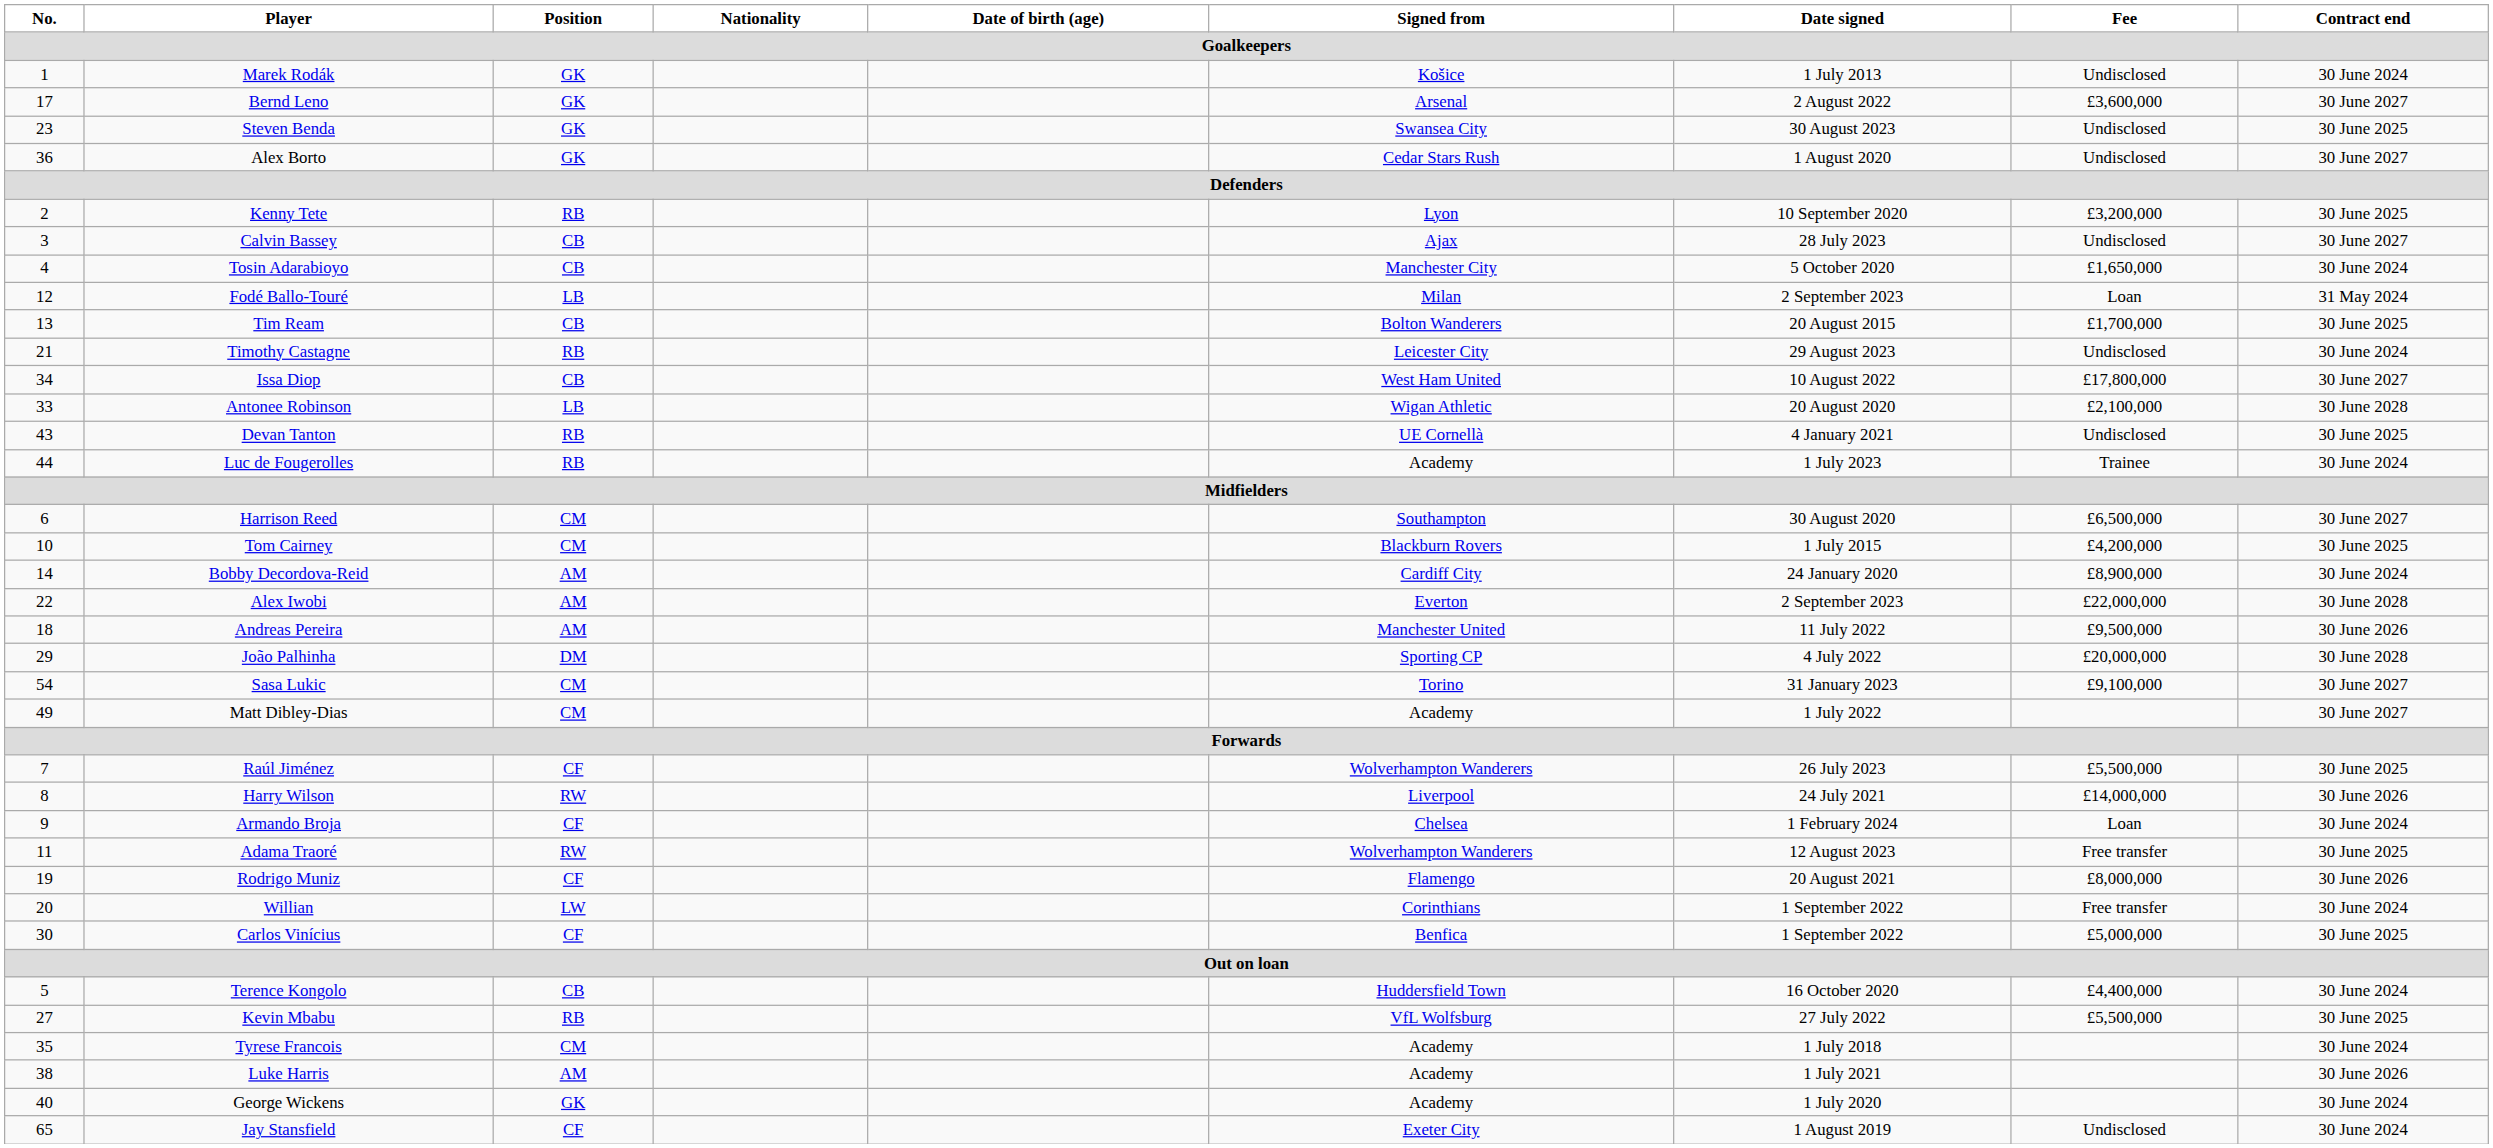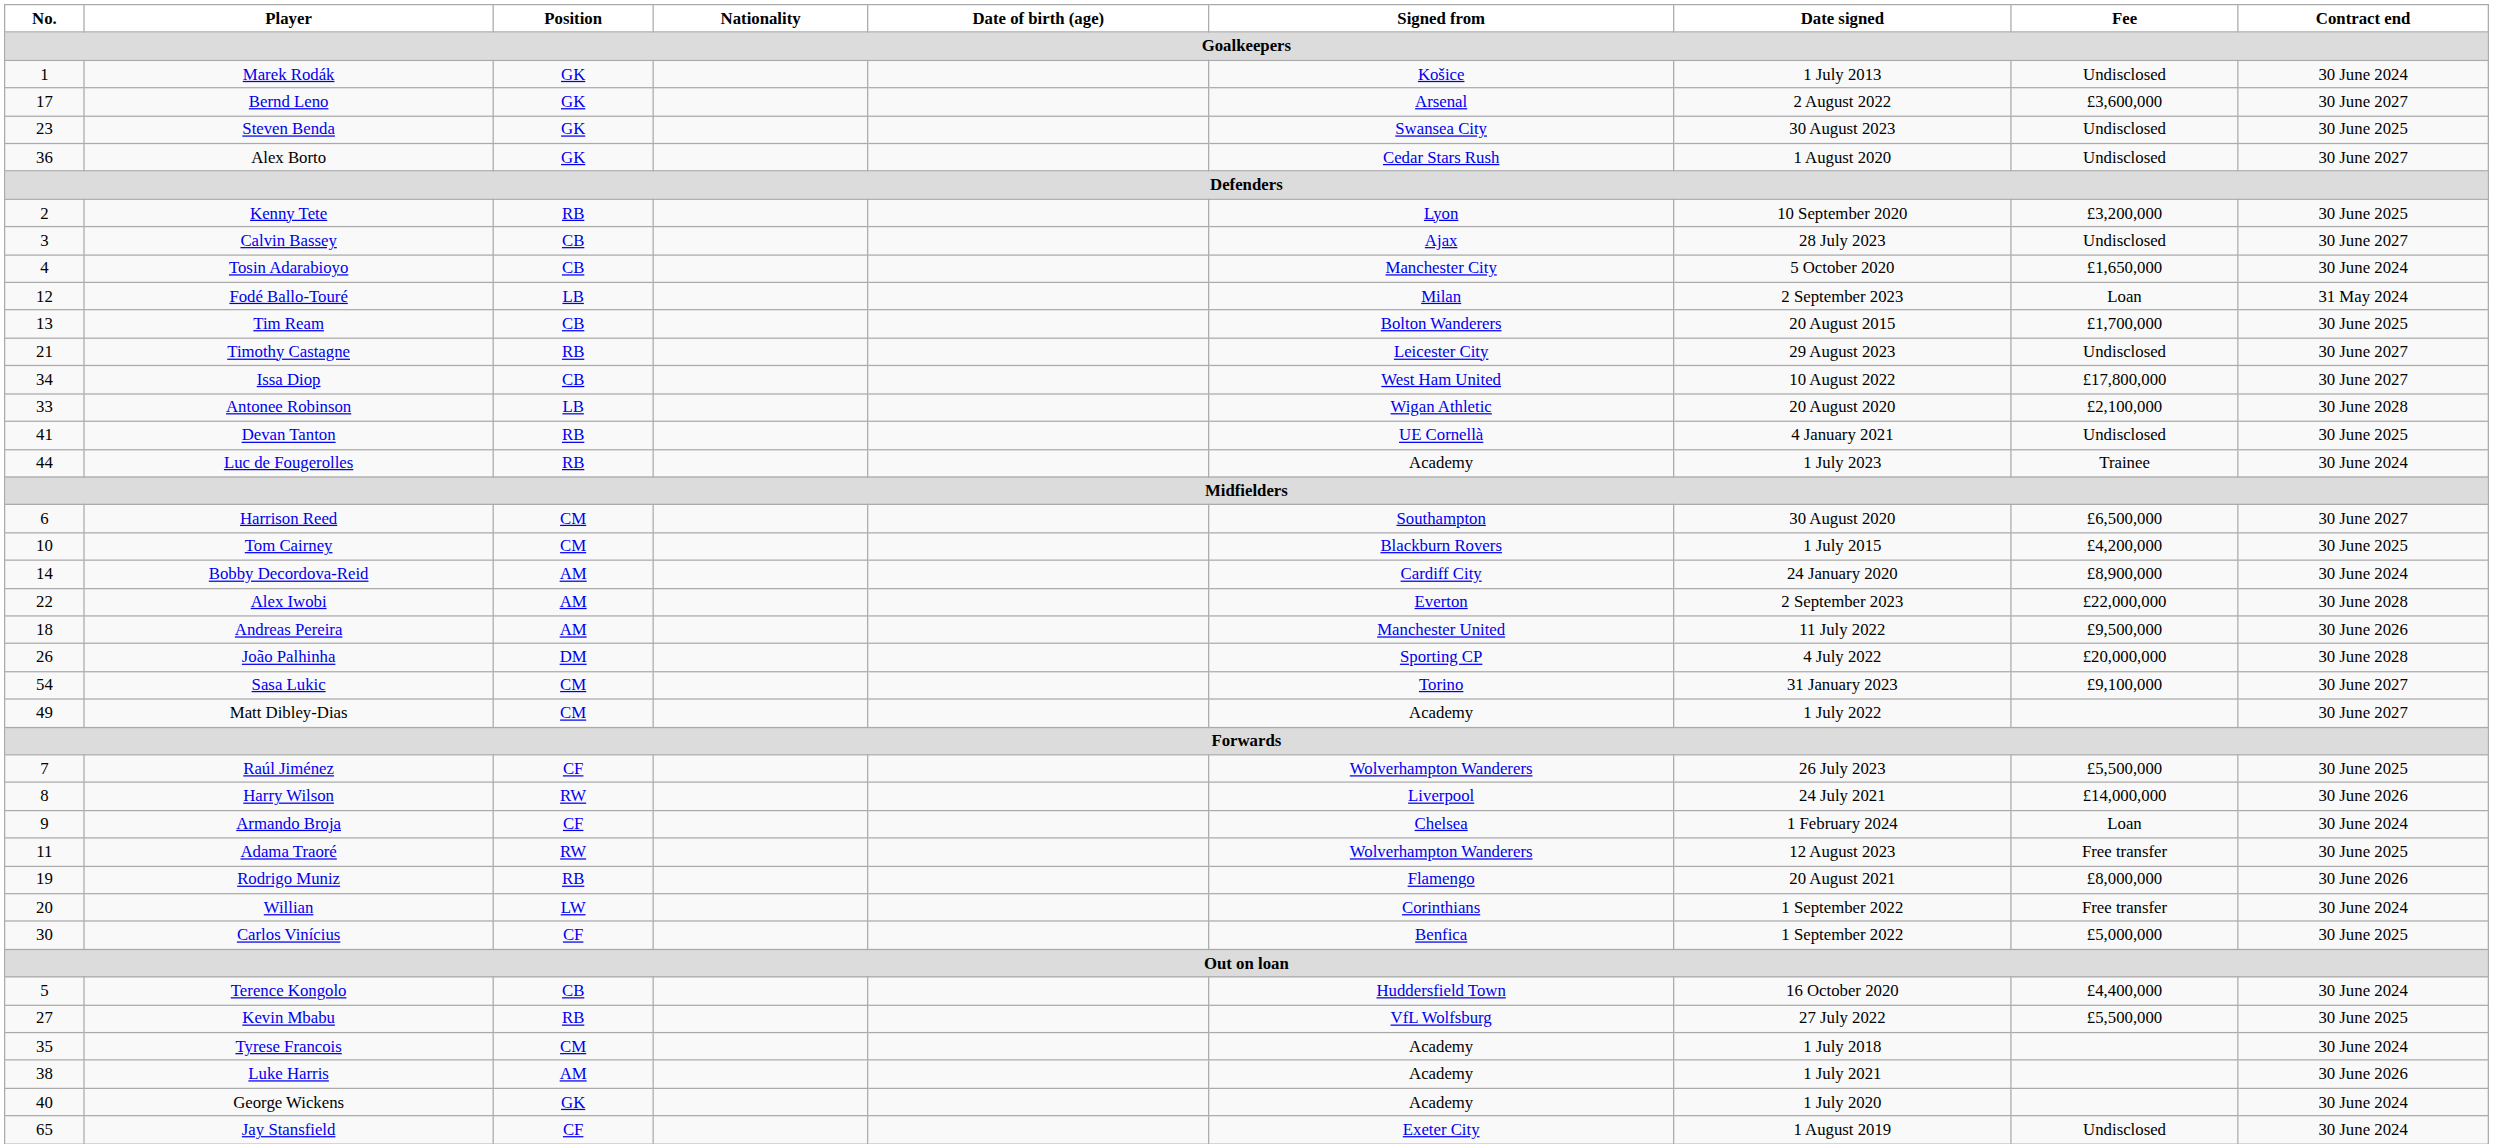 <table class="wikitable" style="text-align:center; font-size:84.5%; width:101%;">
 <tr>
 <th style="background:white; color:black; ">No.</th>
 <th style="background:white; color:black; ">Player</th>
 <th style="background:white; color:black; ">Position</th>
 <th style="background:white; color:black; ">Nationality</th>
 <th style="background:white; color:black; ">Date of birth (age)</th>
 <th style="background:white; color:black; ">Signed from</th>
 <th style="background:white; color:black; ">Date signed</th>
 <th style="background:white; color:black; ">Fee</th>
 <th style="background:white; color:black; ">Contract end</th>
 </tr>
 <tr>
 <th colspan="14" style="background:#dcdcdc; tepxt-align:center;">Goalkeepers</th>
 </tr>
 <tr>
 <td>1</td>
 <td><a href='#'>Marek Rodák</a></td>
 <td><a href='#'>GK</a></td>
 <td></td>
 <td></td>
 <td> <a href='#'>Košice</a></td>
 <td>1 July 2013</td>
 <td>Undisclosed</td>
 <td>30 June 2024</td>
 </tr>
 <tr>
 <td>17</td>
 <td><a href='#'>Bernd Leno</a></td>
 <td><a href='#'>GK</a></td>
 <td></td>
 <td></td>
 <td><a href='#'>Arsenal</a></td>
 <td>2 August 2022</td>
 <td>£3,600,000</td>
 <td>30 June 2027</td>
 </tr>
 <tr>
 <td>23</td>
 <td><a href='#'>Steven Benda</a></td>
 <td><a href='#'>GK</a></td>
 <td></td>
 <td></td>
 <td> <a href='#'>Swansea City</a></td>
 <td>30 August 2023</td>
 <td>Undisclosed</td>
 <td>30 June 2025</td>
 </tr>
 <tr>
 <td>36</td>
 <td>Alex Borto</td>
 <td><a href='#'>GK</a></td>
 <td></td>
 <td></td>
 <td> <a href='#'>Cedar Stars Rush</a></td>
 <td>1 August 2020</td>
 <td>Undisclosed</td>
 <td>30 June 2027</td>
 </tr>
 <tr>
 <th colspan="14" style="background:#dcdcdc; tepxt-align:center;">Defenders</th>
 </tr>
 <tr>
 <td>2</td>
 <td><a href='#'>Kenny Tete</a></td>
 <td><a href='#'>RB</a></td>
 <td></td>
 <td></td>
 <td> <a href='#'>Lyon</a></td>
 <td>10 September 2020</td>
 <td>£3,200,000</td>
 <td>30 June 2025</td>
 </tr>
 <tr>
 <td>3</td>
 <td><a href='#'>Calvin Bassey</a></td>
 <td><a href='#'>CB</a></td>
 <td></td>
 <td></td>
 <td> <a href='#'>Ajax</a></td>
 <td>28 July 2023</td>
 <td>Undisclosed</td>
 <td>30 June 2027</td>
 </tr>
 <tr>
 <td>4</td>
 <td><a href='#'>Tosin Adarabioyo</a></td>
 <td><a href='#'>CB</a></td>
 <td></td>
 <td></td>
 <td><a href='#'>Manchester City</a></td>
 <td>5 October 2020</td>
 <td>£1,650,000</td>
 <td>30 June 2024</td>
 </tr>
 <tr>
 <td>12</td>
 <td><a href='#'>Fodé Ballo-Touré</a></td>
 <td><a href='#'>LB</a></td>
 <td></td>
 <td></td>
 <td> <a href='#'>Milan</a></td>
 <td>2 September 2023</td>
 <td>Loan</td>
 <td>31 May 2024</td>
 </tr>
 <tr>
 <td>13</td>
 <td><a href='#'>Tim Ream</a></td>
 <td><a href='#'>CB</a></td>
 <td></td>
 <td></td>
 <td><a href='#'>Bolton Wanderers</a></td>
 <td>20 August 2015</td>
 <td>£1,700,000</td>
 <td>30 June 2025</td>
 </tr>
 <tr>
 <td>21</td>
 <td><a href='#'>Timothy Castagne</a></td>
 <td><a href='#'>RB</a></td>
 <td></td>
 <td></td>
 <td><a href='#'>Leicester City</a></td>
 <td>29 August 2023</td>
 <td>Undisclosed</td>
-<td>30 June 2024</td>
+<td>30 June 2027</td>
 </tr>
 <tr>
 <td>34</td>
 <td><a href='#'>Issa Diop</a></td>
 <td><a href='#'>CB</a></td>
 <td></td>
 <td></td>
 <td><a href='#'>West Ham United</a></td>
 <td>10 August 2022</td>
 <td>£17,800,000</td>
 <td>30 June 2027</td>
 </tr>
 <tr>
 <td>33</td>
 <td><a href='#'>Antonee Robinson</a></td>
 <td><a href='#'>LB</a></td>
 <td></td>
 <td></td>
 <td><a href='#'>Wigan Athletic</a></td>
 <td>20 August 2020</td>
 <td>£2,100,000</td>
 <td>30 June 2028</td>
 </tr>
 <tr>
-<td>43</td>
+<td>41</td>
 <td><a href='#'>Devan Tanton</a></td>
 <td><a href='#'>RB</a></td>
 <td></td>
 <td></td>
 <td> <a href='#'>UE Cornellà</a></td>
 <td>4 January 2021</td>
 <td>Undisclosed</td>
 <td>30 June 2025</td>
 </tr>
 <tr>
 <td>44</td>
 <td><a href='#'>Luc de Fougerolles</a></td>
 <td><a href='#'>RB</a></td>
 <td></td>
 <td></td>
 <td>Academy</td>
 <td>1 July 2023</td>
 <td>Trainee</td>
 <td>30 June 2024</td>
 </tr>
 <tr>
 <th colspan="14" style="background:#dcdcdc; tepxt-align:center;">Midfielders</th>
 </tr>
 <tr>
 <td>6</td>
 <td><a href='#'>Harrison Reed</a></td>
 <td><a href='#'>CM</a></td>
 <td></td>
 <td></td>
 <td><a href='#'>Southampton</a></td>
 <td>30 August 2020</td>
 <td>£6,500,000</td>
 <td>30 June 2027</td>
 </tr>
 <tr>
 <td>10</td>
 <td><a href='#'>Tom Cairney</a></td>
 <td><a href='#'>CM</a></td>
 <td></td>
 <td></td>
 <td><a href='#'>Blackburn Rovers</a></td>
 <td>1 July 2015</td>
 <td>£4,200,000</td>
 <td>30 June 2025</td>
 </tr>
 <tr>
 <td>14</td>
 <td><a href='#'>Bobby Decordova-Reid</a></td>
 <td><a href='#'>AM</a></td>
 <td></td>
 <td></td>
 <td> <a href='#'>Cardiff City</a></td>
 <td>24 January 2020</td>
 <td>£8,900,000</td>
 <td>30 June 2024</td>
 </tr>
 <tr>
 <td>22</td>
 <td><a href='#'>Alex Iwobi</a></td>
 <td><a href='#'>AM</a></td>
 <td></td>
 <td></td>
 <td><a href='#'>Everton</a></td>
 <td>2 September 2023</td>
 <td>£22,000,000</td>
 <td>30 June 2028</td>
 </tr>
 <tr>
 <td>18</td>
 <td><a href='#'>Andreas Pereira</a></td>
 <td><a href='#'>AM</a></td>
 <td></td>
 <td></td>
 <td><a href='#'>Manchester United</a></td>
 <td>11 July 2022</td>
 <td>£9,500,000</td>
 <td>30 June 2026</td>
 </tr>
 <tr>
-<td>29</td>
+<td>26</td>
 <td><a href='#'>João Palhinha</a></td>
 <td><a href='#'>DM</a></td>
 <td></td>
 <td></td>
 <td> <a href='#'>Sporting CP</a></td>
 <td>4 July 2022</td>
 <td>£20,000,000</td>
 <td>30 June 2028</td>
 </tr>
 <tr>
 <td>54</td>
 <td><a href='#'>Sasa Lukic</a></td>
 <td><a href='#'>CM</a></td>
 <td></td>
 <td></td>
 <td> <a href='#'>Torino</a></td>
 <td>31 January 2023</td>
 <td>£9,100,000</td>
 <td>30 June 2027</td>
 </tr>
 <tr>
 <td>49</td>
 <td>Matt Dibley-Dias</td>
 <td><a href='#'>CM</a></td>
 <td></td>
 <td></td>
 <td>Academy</td>
 <td>1 July 2022</td>
 <td></td>
 <td>30 June 2027</td>
 </tr>
 <tr>
 <th colspan="14" style="background:#dcdcdc; tepxt-align:center;">Forwards</th>
 </tr>
 <tr>
 <td>7</td>
 <td><a href='#'>Raúl Jiménez</a></td>
 <td><a href='#'>CF</a></td>
 <td></td>
 <td></td>
 <td><a href='#'>Wolverhampton Wanderers</a></td>
 <td>26 July 2023</td>
 <td>£5,500,000</td>
 <td>30 June 2025</td>
 </tr>
 <tr>
 <td>8</td>
 <td><a href='#'>Harry Wilson</a></td>
 <td><a href='#'>RW</a></td>
 <td></td>
 <td></td>
 <td><a href='#'>Liverpool</a></td>
 <td>24 July 2021</td>
 <td>£14,000,000</td>
 <td>30 June 2026</td>
 </tr>
 <tr>
 <td>9</td>
 <td><a href='#'>Armando Broja</a></td>
 <td><a href='#'>CF</a></td>
 <td></td>
 <td></td>
 <td><a href='#'>Chelsea</a></td>
 <td>1 February 2024</td>
 <td>Loan</td>
 <td>30 June 2024</td>
 </tr>
 <tr>
 <td>11</td>
 <td><a href='#'>Adama Traoré</a></td>
 <td><a href='#'>RW</a></td>
 <td></td>
 <td></td>
 <td><a href='#'>Wolverhampton Wanderers</a></td>
 <td>12 August 2023</td>
 <td>Free transfer</td>
 <td>30 June 2025</td>
 </tr>
 <tr>
 <td>19</td>
 <td><a href='#'>Rodrigo Muniz</a></td>
-<td><a href='#'>CF</a></td>
+<td><a href='#'>RB</a></td>
 <td></td>
 <td></td>
 <td> <a href='#'>Flamengo</a></td>
 <td>20 August 2021</td>
 <td>£8,000,000</td>
 <td>30 June 2026</td>
 </tr>
 <tr>
 <td>20</td>
 <td><a href='#'>Willian</a></td>
 <td><a href='#'>LW</a></td>
 <td></td>
 <td></td>
 <td> <a href='#'>Corinthians</a></td>
 <td>1 September 2022</td>
 <td>Free transfer</td>
 <td>30 June 2024</td>
 </tr>
 <tr>
 <td>30</td>
 <td><a href='#'>Carlos Vinícius</a></td>
 <td><a href='#'>CF</a></td>
 <td></td>
 <td></td>
 <td> <a href='#'>Benfica</a></td>
 <td>1 September 2022</td>
 <td>£5,000,000</td>
 <td>30 June 2025</td>
 </tr>
 <tr>
 <th colspan="14" style="background:#dcdcdc; tepxt-align:center;">Out on loan</th>
 </tr>
 <tr>
 <td>5</td>
 <td><a href='#'>Terence Kongolo</a></td>
 <td><a href='#'>CB</a></td>
 <td></td>
 <td></td>
 <td><a href='#'>Huddersfield Town</a></td>
 <td>16 October 2020</td>
 <td>£4,400,000</td>
 <td>30 June 2024</td>
 </tr>
 <tr>
 <td>27</td>
 <td><a href='#'>Kevin Mbabu</a></td>
 <td><a href='#'>RB</a></td>
 <td></td>
 <td></td>
 <td> <a href='#'>VfL Wolfsburg</a></td>
 <td>27 July 2022</td>
 <td>£5,500,000</td>
 <td>30 June 2025</td>
 </tr>
 <tr>
 <td>35</td>
 <td><a href='#'>Tyrese Francois</a></td>
 <td><a href='#'>CM</a></td>
 <td></td>
 <td></td>
 <td>Academy</td>
 <td>1 July 2018</td>
 <td></td>
 <td>30 June 2024</td>
 </tr>
 <tr>
 <td>38</td>
 <td><a href='#'>Luke Harris</a></td>
 <td><a href='#'>AM</a></td>
 <td></td>
 <td></td>
 <td>Academy</td>
 <td>1 July 2021</td>
 <td></td>
 <td>30 June 2026</td>
 </tr>
 <tr>
 <td>40</td>
 <td>George Wickens</td>
 <td><a href='#'>GK</a></td>
 <td></td>
 <td></td>
 <td>Academy</td>
 <td>1 July 2020</td>
 <td></td>
 <td>30 June 2024</td>
 </tr>
 <tr>
 <td>65</td>
 <td><a href='#'>Jay Stansfield</a></td>
 <td><a href='#'>CF</a></td>
 <td></td>
 <td></td>
 <td><a href='#'>Exeter City</a></td>
 <td>1 August 2019</td>
 <td>Undisclosed</td>
 <td>30 June 2024</td>
 </tr>
 </table>
